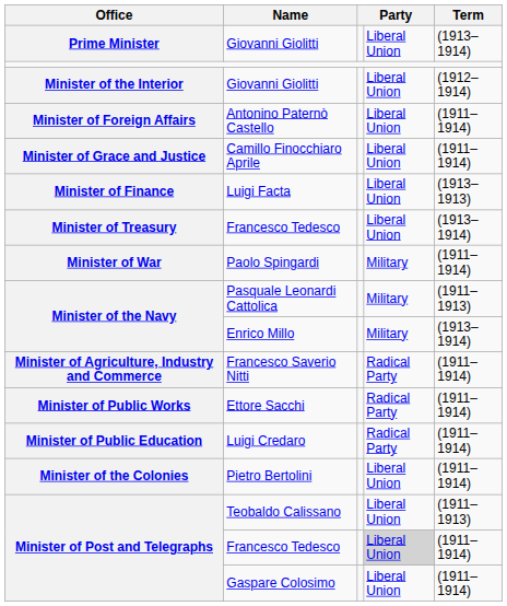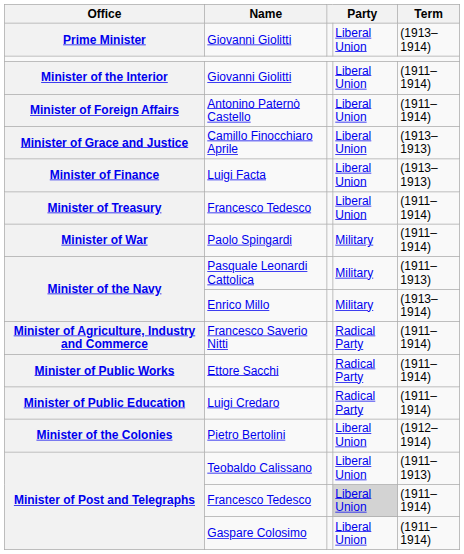 <table class="wikitable" style="font-size: 100%;">
 <tr>
 <th>Office</th>
 <th>Name</th>
 <th colspan=2>Party</th>
 <th>Term</th>
 </tr>
 <tr>
 <th><a href='#'>Prime Minister</a></th>
 <td><a href='#'>Giovanni Giolitti</a></td>
 <td style="color:inherit;background:"></td>
 <td><a href='#'>Liberal Union</a></td>
 <td>(1913–1914)</td>
 </tr>
 <tr>
 <td colspan=6></td>
 </tr>
 <tr>
 <th><a href='#'>Minister of the Interior</a></th>
 <td><a href='#'>Giovanni Giolitti</a></td>
 <td style="color:inherit;background:"></td>
 <td><a href='#'>Liberal Union</a></td>
-<td>(1912–1914)</td>
+<td>(1911–1914)</td>
 </tr>
 <tr>
 <th><a href='#'>Minister of Foreign Affairs</a></th>
 <td><a href='#'>Antonino Paternò Castello</a></td>
 <td style="color:inherit;background:"></td>
 <td><a href='#'>Liberal Union</a></td>
 <td>(1911–1914)</td>
 </tr>
 <tr>
 <th><a href='#'>Minister of Grace and Justice</a></th>
 <td><a href='#'>Camillo Finocchiaro Aprile</a></td>
 <td style="color:inherit;background:"></td>
 <td><a href='#'>Liberal Union</a></td>
-<td>(1911–1914)</td>
+<td>(1913–1913)</td>
 </tr>
 <tr>
 <th><a href='#'>Minister of Finance</a></th>
 <td><a href='#'>Luigi Facta</a></td>
 <td style="color:inherit;background:"></td>
 <td><a href='#'>Liberal Union</a></td>
 <td>(1913–1913)</td>
 </tr>
 <tr>
 <th><a href='#'>Minister of Treasury</a></th>
 <td><a href='#'>Francesco Tedesco</a></td>
 <td style="color:inherit;background:"></td>
 <td><a href='#'>Liberal Union</a></td>
-<td>(1913–1914)</td>
+<td>(1911–1914)</td>
 </tr>
 <tr>
 <th><a href='#'>Minister of War</a></th>
 <td><a href='#'>Paolo Spingardi</a></td>
 <td style="color:inherit;background:"></td>
 <td><a href='#'>Military</a></td>
 <td>(1911–1914)</td>
 </tr>
 <tr>
 <th rowspan=2><a href='#'>Minister of the Navy</a></th>
 <td><a href='#'>Pasquale Leonardi Cattolica</a></td>
 <td style="color:inherit;background:"></td>
 <td><a href='#'>Military</a></td>
 <td>(1911–1913)</td>
 </tr>
 <tr>
 <td><a href='#'>Enrico Millo</a></td>
 <td style="color:inherit;background:"></td>
 <td><a href='#'>Military</a></td>
 <td>(1913–1914)</td>
 </tr>
 <tr>
 <th><a href='#'>Minister of Agriculture, Industry and Commerce</a></th>
 <td><a href='#'>Francesco Saverio Nitti</a></td>
 <td style="color:inherit;background:"></td>
 <td><a href='#'>Radical Party</a></td>
 <td>(1911–1914)</td>
 </tr>
 <tr>
 <th><a href='#'>Minister of Public Works</a></th>
 <td><a href='#'>Ettore Sacchi</a></td>
 <td style="color:inherit;background:"></td>
 <td><a href='#'>Radical Party</a></td>
 <td>(1911–1914)</td>
 </tr>
 <tr>
 <th><a href='#'>Minister of Public Education</a></th>
 <td><a href='#'>Luigi Credaro</a></td>
 <td style="color:inherit;background:"></td>
 <td><a href='#'>Radical Party</a></td>
 <td>(1911–1914)</td>
 </tr>
 <tr>
 <th><a href='#'>Minister of the Colonies</a></th>
 <td><a href='#'>Pietro Bertolini</a></td>
 <td style="color:inherit;background:"></td>
 <td><a href='#'>Liberal Union</a></td>
-<td>(1911–1914)</td>
+<td>(1912–1914)</td>
 </tr>
 <tr>
 <th rowspan=3><a href='#'>Minister of Post and Telegraphs</a></th>
 <td><a href='#'>Teobaldo Calissano</a></td>
 <td style="color:inherit;background:"></td>
 <td><a href='#'>Liberal Union</a></td>
 <td>(1911–1913)</td>
 </tr>
 <tr>
 <td><a href='#'>Francesco Tedesco</a></td>
 <td style="color:inherit;background:"></td>
 <td style="background: lightgrey;"><a href='#'>Liberal Union</a></td>
 <td>(1911–1914)</td>
 </tr>
 <tr>
 <td><a href='#'>Gaspare Colosimo</a></td>
 <td style="color:inherit;background:"></td>
 <td><a href='#'>Liberal Union</a></td>
 <td>(1911–1914)</td>
 </tr>
 </table>
